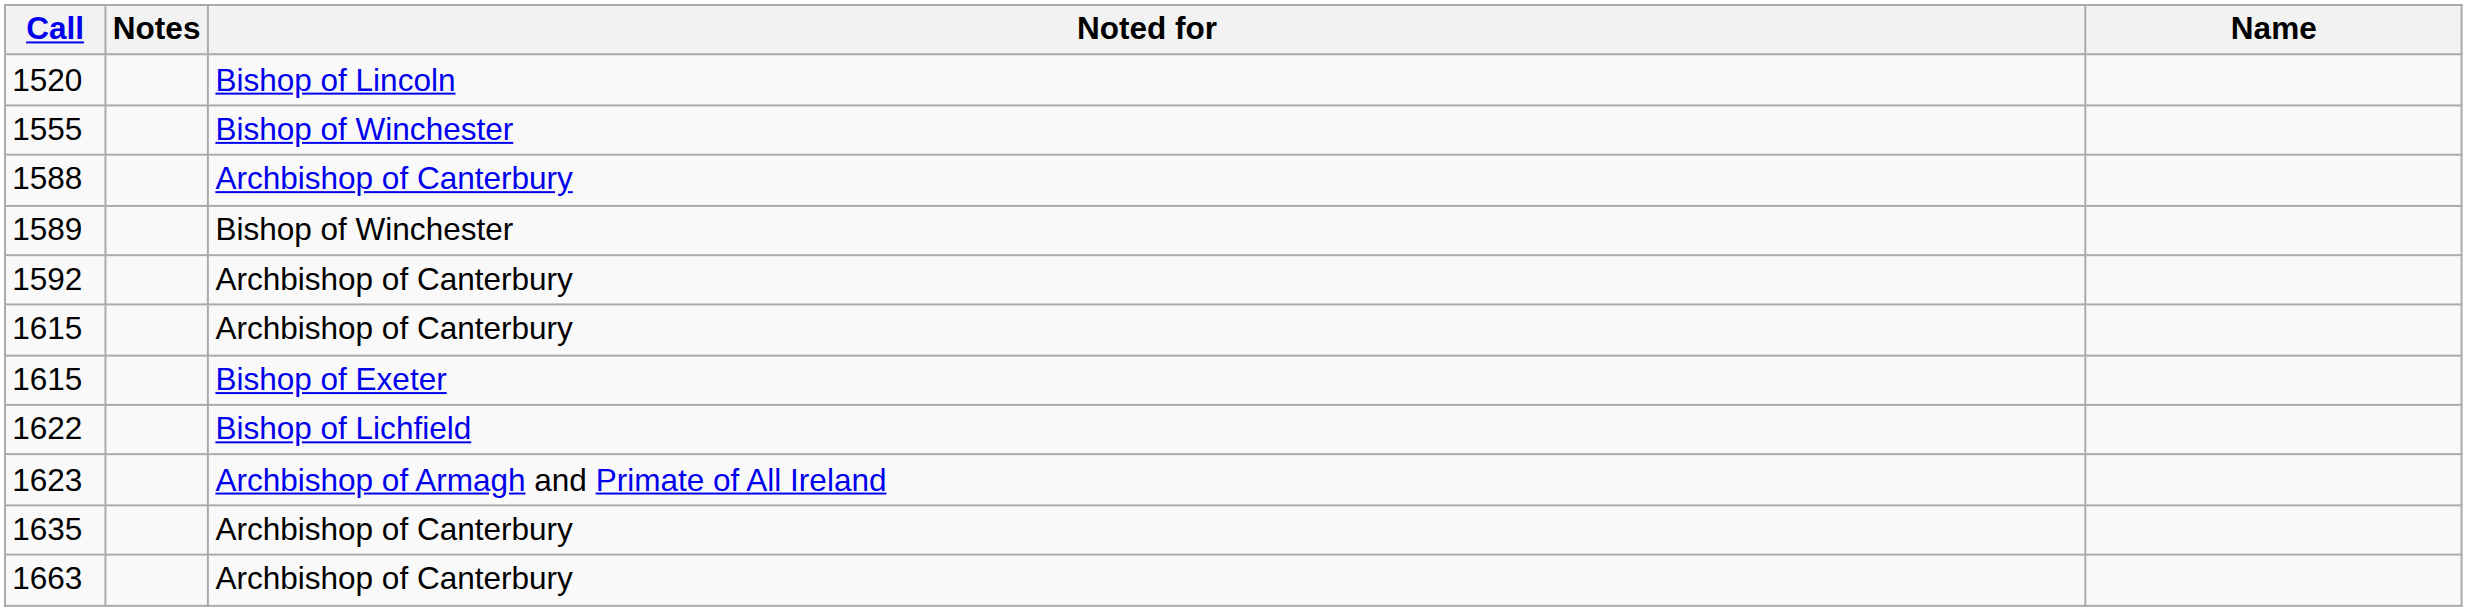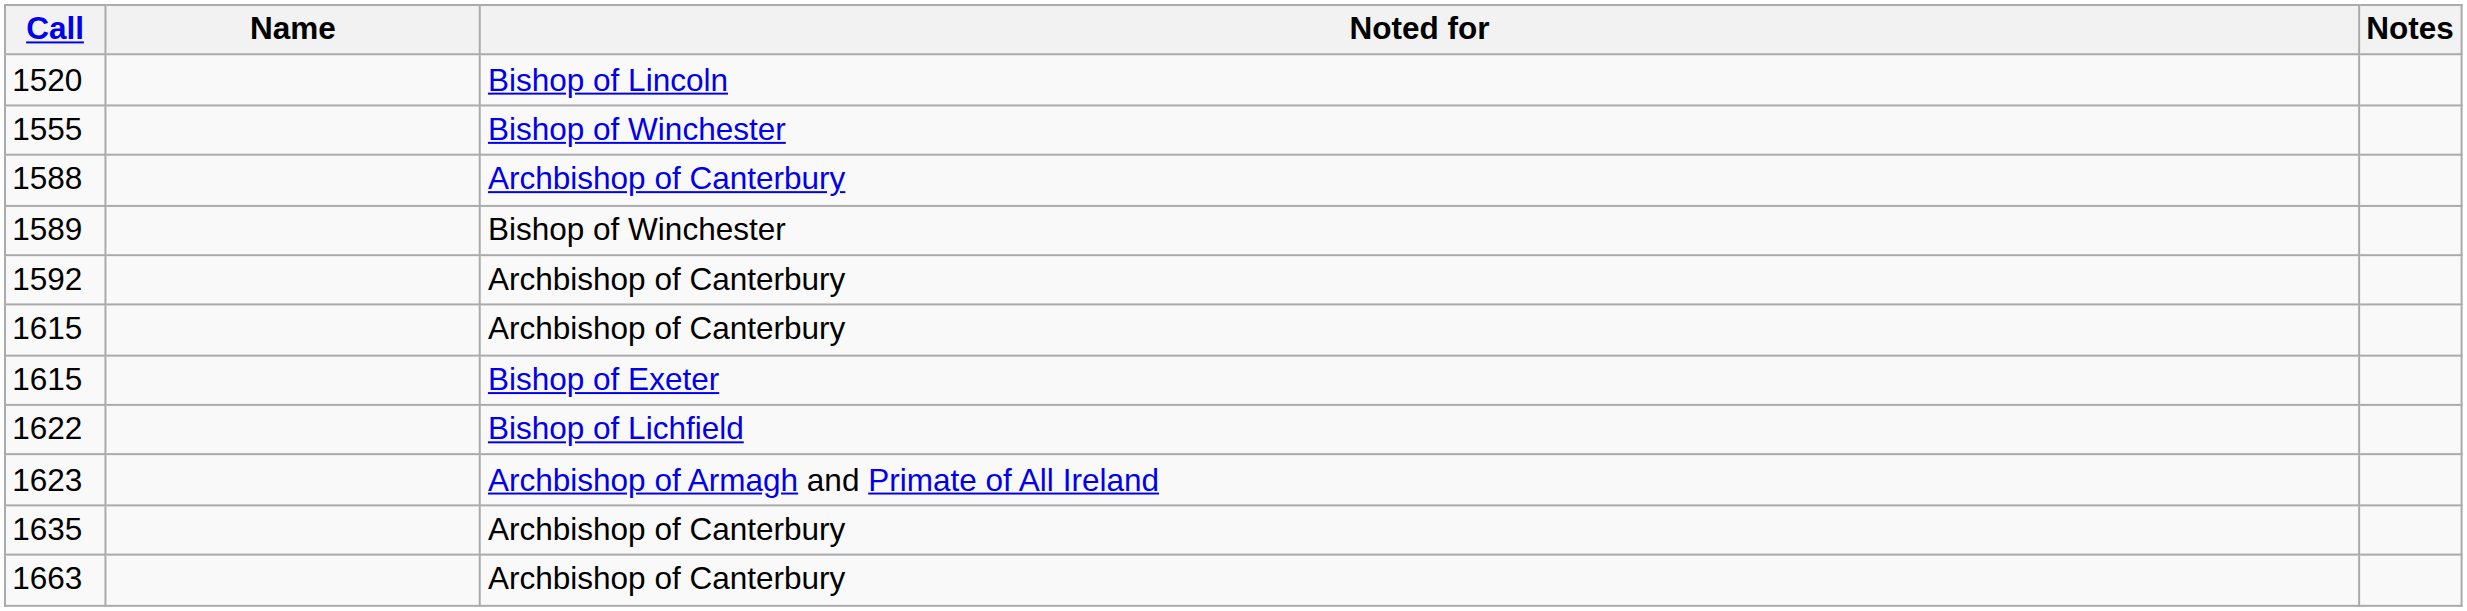 <table class="wikitable sortable" border="1" style="align:left;">
 <tr>
 <th width="4%"><a href='#'>Call</a></th>
+<th width="15%">Name</th>
+<th width="75%" class="unsortable">Noted for</th>
 <th width="2%" class="unsortable">Notes</th>
-<th width="75%" class="unsortable">Noted for</th>
-<th width="15%">Name</th>
 </tr>
 <tr>
 <td>1520</td>
 <td></td>
 <td><a href='#'>Bishop of Lincoln</a></td>
 <td></td>
 </tr>
 <tr>
 <td>1555</td>
 <td></td>
 <td><a href='#'>Bishop of Winchester</a></td>
 <td></td>
 </tr>
 <tr>
 <td>1588</td>
 <td></td>
 <td><a href='#'>Archbishop of Canterbury</a></td>
 <td></td>
 </tr>
 <tr>
 <td>1589</td>
 <td></td>
 <td>Bishop of Winchester</td>
 <td></td>
 </tr>
 <tr>
 <td>1592</td>
 <td></td>
 <td>Archbishop of Canterbury</td>
 <td></td>
 </tr>
 <tr>
 <td>1615</td>
 <td></td>
 <td>Archbishop of Canterbury</td>
 <td></td>
 </tr>
 <tr>
 <td>1615</td>
 <td></td>
 <td><a href='#'>Bishop of Exeter</a></td>
 <td></td>
 </tr>
 <tr>
 <td>1622</td>
 <td></td>
 <td><a href='#'>Bishop of Lichfield</a></td>
 <td></td>
 </tr>
 <tr>
 <td>1623</td>
 <td></td>
 <td><a href='#'>Archbishop of Armagh</a> and <a href='#'>Primate of All Ireland</a></td>
 <td></td>
 </tr>
 <tr>
 <td>1635</td>
 <td></td>
 <td>Archbishop of Canterbury</td>
 <td></td>
 </tr>
 <tr>
 <td>1663</td>
 <td></td>
 <td>Archbishop of Canterbury</td>
 <td></td>
 </tr>
 </table>
